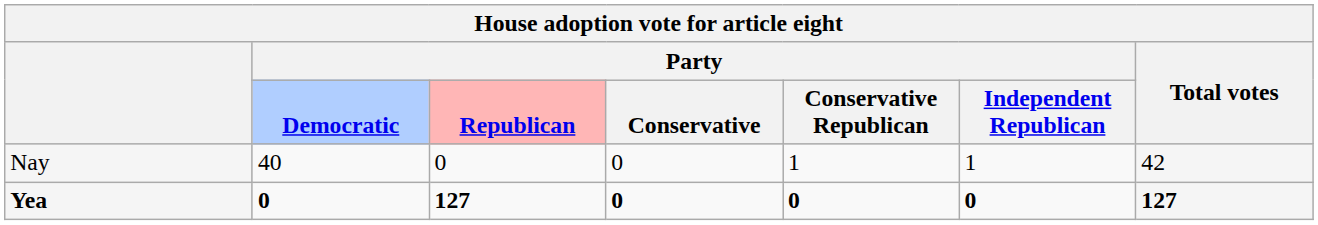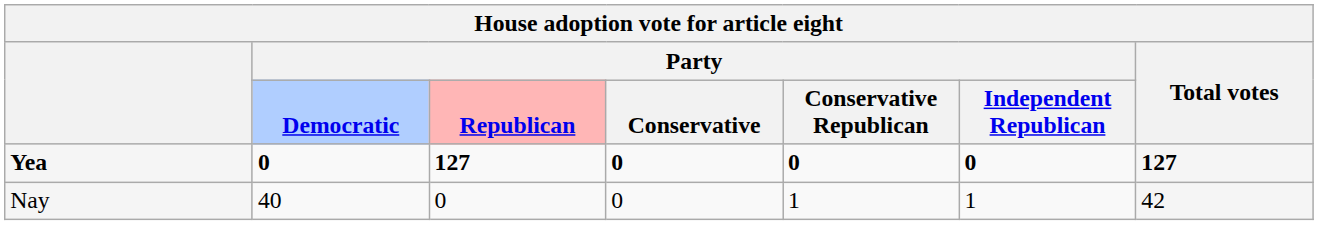 <table class="wikitable">
 <tr>
 <th colspan=7>House adoption vote for article eight</th>
 </tr>
 <tr>
 <th rowspan=2></th>
 <th colspan=5>Party</th>
 <th rowspan=2>Total votes</th>
 </tr>
 <tr style="vertical-align:bottom;">
 <th style="background:#b0ceff;"><a href='#'>Democratic</a></th>
 <th style="background:#ffb6b6;"><a href='#'>Republican</a></th>
 <th>Conservative</th>
 <th>Conservative Republican</th>
 <th><a href='#'>Independent Republican</a></th>
 </tr>
 <tr>
+<td style="width: 10em; background:#F5F5F5"><strong>Yea</strong></td>
+<td style="width: 7em;"><strong>0</strong></td>
+<td style="width: 7em;"><strong>127</strong></td>
+<td style="width: 7em;"><strong>0</strong></td>
+<td style="width: 7em;"><strong>0</strong></td>
+<td style="width: 7em;"><strong>0</strong></td>
+<td style="width: 7em; background:#F5F5F5"><strong>127</strong></td>
+</tr>
+<tr>
 <td style="background:#F5F5F5">Nay</td>
 <td>40</td>
 <td>0</td>
 <td>0</td>
 <td>1</td>
 <td>1</td>
 <td style="background:#F5F5F5">42</td>
 </tr>
-<tr>
-<td style="width: 10em; background:#F5F5F5"><strong>Yea</strong></td>
-<td style="width: 7em;"><strong>0</strong></td>
-<td style="width: 7em;"><strong>127</strong></td>
-<td style="width: 7em;"><strong>0</strong></td>
-<td style="width: 7em;"><strong>0</strong></td>
-<td style="width: 7em;"><strong>0</strong></td>
-<td style="width: 7em; background:#F5F5F5"><strong>127</strong></td>
-</tr>
 </table>
